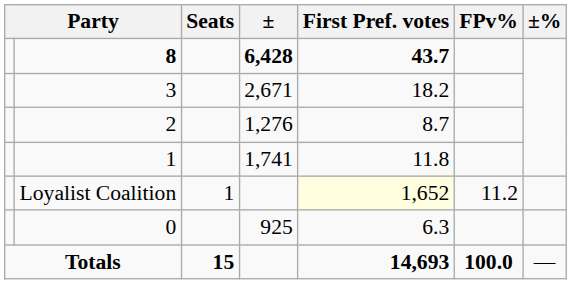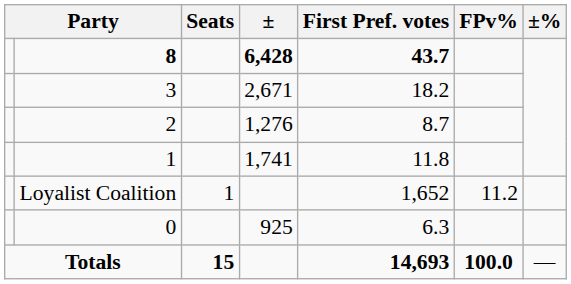 <table class=wikitable>
 <tr>
 <th colspan=2 align=center>Party</th>
 <th valign=top>Seats</th>
 <th valign=top>±</th>
 <th valign=top>First Pref. votes</th>
 <th valign=top>FPv%</th>
 <th valign=top>±%</th>
 </tr>
 <tr>
 <td></td>
 <td align=right><strong>8</strong></td>
 <td align=right></td>
 <td align=right><strong>6,428</strong></td>
 <td align=right><strong>43.7</strong></td>
 <td align=right></td>
 </tr>
 <tr>
 <td></td>
 <td align=right>3</td>
 <td align=right></td>
 <td align=right>2,671</td>
 <td align=right>18.2</td>
 <td align=right></td>
 </tr>
 <tr>
 <td></td>
 <td align=right>2</td>
 <td align=right></td>
 <td align=right>1,276</td>
 <td align=right>8.7</td>
 <td align=right></td>
 </tr>
 <tr>
 <td></td>
 <td align=right>1</td>
 <td align=right></td>
 <td align=right>1,741</td>
 <td align=right>11.8</td>
 <td align=right></td>
 </tr>
 <tr>
 <td></td>
 <td>Loyalist Coalition</td>
 <td align=right>1</td>
 <td align=right></td>
-<td align=right style="background: lightyellow;">1,652</td>
+<td align=right>1,652</td>
 <td align=right>11.2</td>
 <td align=right></td>
 </tr>
 <tr>
 <td></td>
 <td align=right>0</td>
 <td align=right></td>
 <td align=right>925</td>
 <td align=right>6.3</td>
 <td align=right></td>
 </tr>
 <tr>
 <td colspan=2 align=center><strong>Totals</strong></td>
 <td align=right><strong>15</strong></td>
 <td align=center></td>
 <td align=right><strong>14,693</strong></td>
 <td align=center><strong>100.0</strong></td>
 <td align=center>—</td>
 </tr>
 </table>
